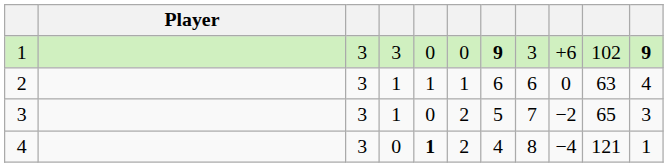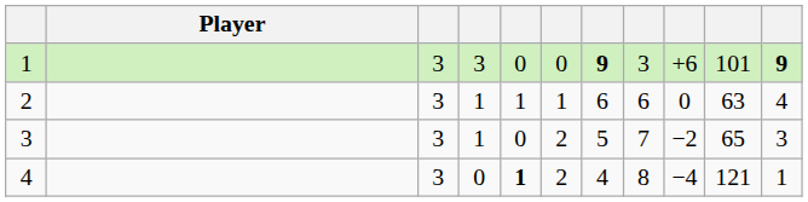 <table class="wikitable" style="text-align:center; margin: 1em auto 1em auto, align:left">
 <tr>
 <th width=20></th>
 <th width=240>Player</th>
 <th width=20></th>
 <th width=20></th>
 <th width=20></th>
 <th width=20></th>
 <th width=20></th>
 <th width=20></th>
 <th width=20></th>
 <th width=30></th>
 <th width=20></th>
 </tr>
 <tr style="background:#D0F0C0;">
 <td>1</td>
 <td align=left></td>
 <td>3</td>
 <td>3</td>
 <td>0</td>
 <td>0</td>
 <td><strong>9</strong></td>
 <td>3</td>
 <td>+6</td>
-<td>102</td>
+<td>101</td>
 <td><strong>9</strong></td>
 </tr>
 <tr style=>
 <td>2</td>
 <td align=left></td>
 <td>3</td>
 <td>1</td>
 <td>1</td>
 <td>1</td>
 <td>6</td>
 <td>6</td>
 <td>0</td>
 <td>63</td>
 <td>4</td>
 </tr>
 <tr style=>
 <td>3</td>
 <td align=left></td>
 <td>3</td>
 <td>1</td>
 <td>0</td>
 <td>2</td>
 <td>5</td>
 <td>7</td>
 <td>−2</td>
 <td>65</td>
 <td>3</td>
 </tr>
 <tr style=>
 <td>4</td>
 <td align=left></td>
 <td>3</td>
 <td>0</td>
 <td><strong>1</strong></td>
 <td>2</td>
 <td>4</td>
 <td>8</td>
 <td>−4</td>
 <td>121</td>
 <td>1</td>
 </tr>
 </table>
